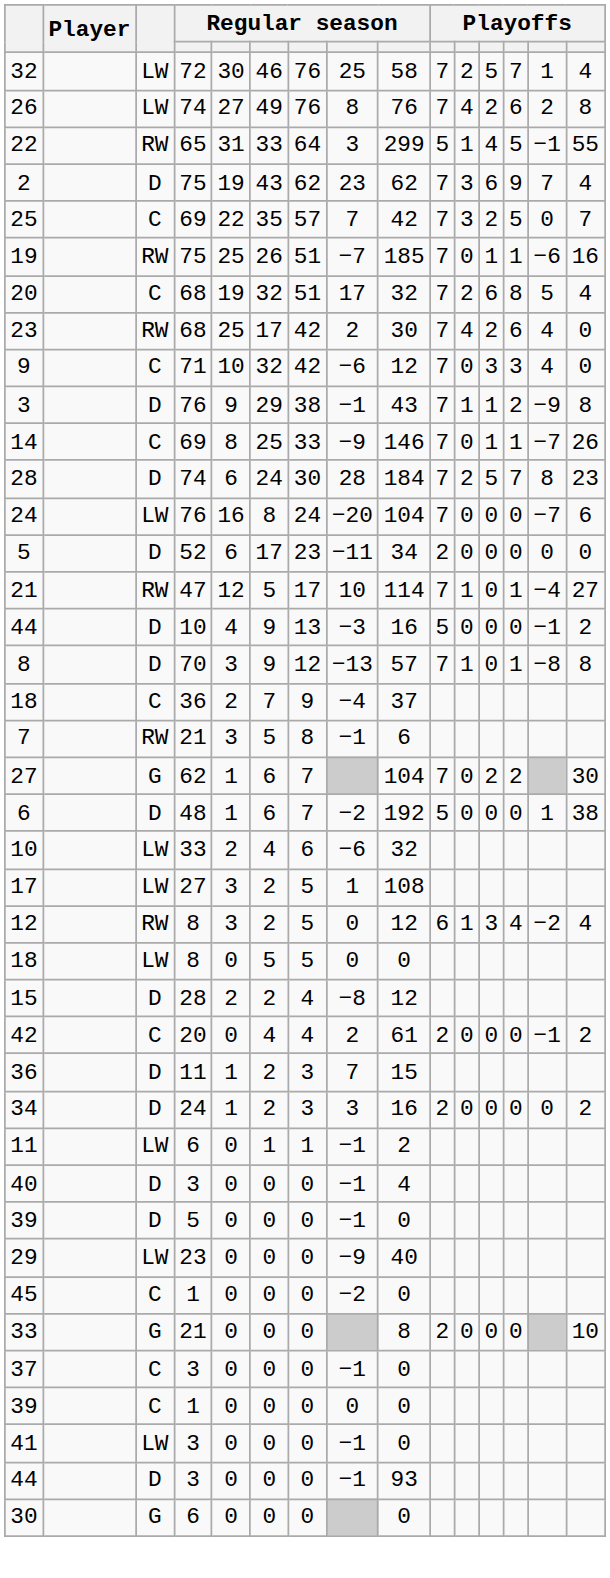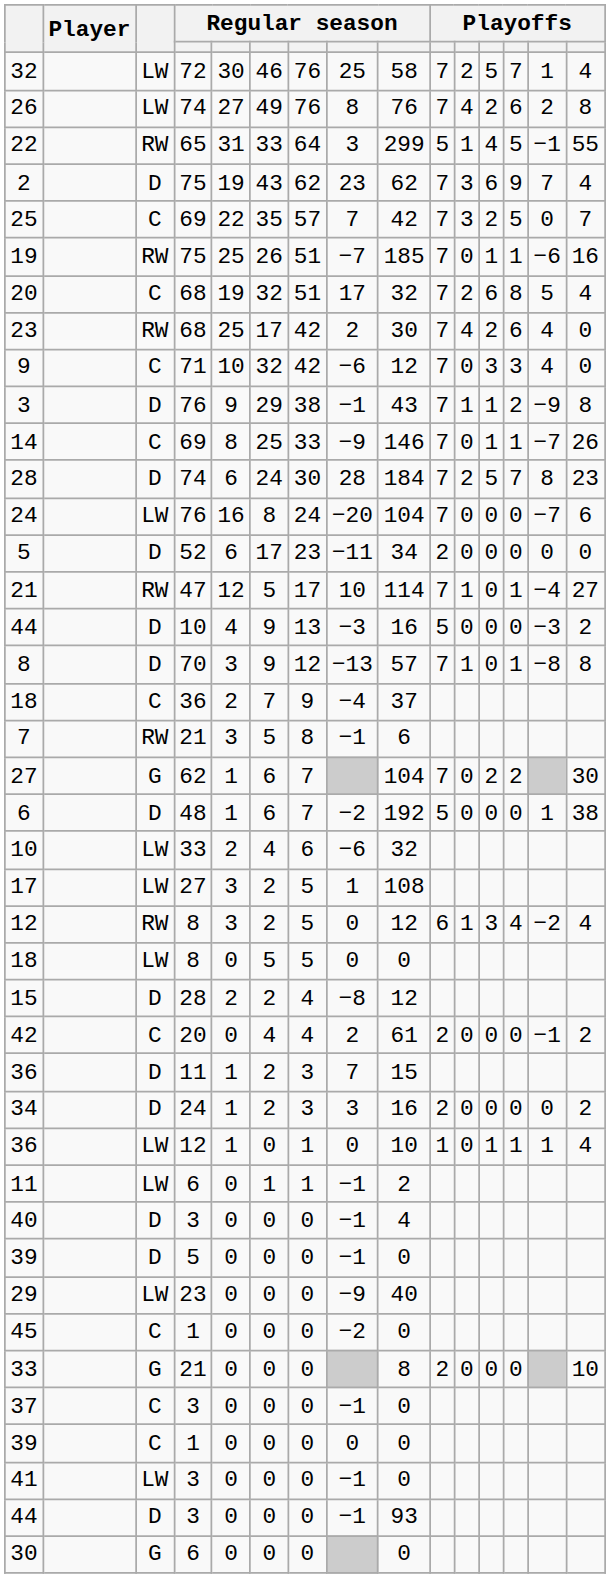 <table class="wikitable sortable plainrowheaders" style="text-align:center;">
 <tr>
 <th scope="col" data-sort-type="number" rowspan="2"></th>
 <th scope="col" rowspan="2">Player</th>
 <th scope="col" rowspan="2"></th>
 <th scope=colgroup colspan=6>Regular season</th>
 <th scope=colgroup colspan=6>Playoffs</th>
 </tr>
 <tr>
 <th scope="col" data-sort-type="number"></th>
 <th scope="col" data-sort-type="number"></th>
 <th scope="col" data-sort-type="number"></th>
 <th scope="col" data-sort-type="number"></th>
 <th scope="col" data-sort-type="number"></th>
 <th scope="col" data-sort-type="number"></th>
 <th scope="col" data-sort-type="number"></th>
 <th scope="col" data-sort-type="number"></th>
 <th scope="col" data-sort-type="number"></th>
 <th scope="col" data-sort-type="number"></th>
 <th scope="col" data-sort-type="number"></th>
 <th scope="col" data-sort-type="number"></th>
 </tr>
 <tr>
 <td scope="row">32</td>
 <td align="left"></td>
 <td>LW</td>
 <td>72</td>
 <td>30</td>
 <td>46</td>
 <td>76</td>
 <td>25</td>
 <td>58</td>
 <td>7</td>
 <td>2</td>
 <td>5</td>
 <td>7</td>
 <td>1</td>
 <td>4</td>
 </tr>
 <tr>
 <td scope="row">26</td>
 <td align="left"></td>
 <td>LW</td>
 <td>74</td>
 <td>27</td>
 <td>49</td>
 <td>76</td>
 <td>8</td>
 <td>76</td>
 <td>7</td>
 <td>4</td>
 <td>2</td>
 <td>6</td>
 <td>2</td>
 <td>8</td>
 </tr>
 <tr>
 <td scope="row">22</td>
 <td align="left"></td>
 <td>RW</td>
 <td>65</td>
 <td>31</td>
 <td>33</td>
 <td>64</td>
 <td>3</td>
 <td>299</td>
 <td>5</td>
 <td>1</td>
 <td>4</td>
 <td>5</td>
 <td>−1</td>
 <td>55</td>
 </tr>
 <tr>
 <td scope="row">2</td>
 <td align="left"></td>
 <td>D</td>
 <td>75</td>
 <td>19</td>
 <td>43</td>
 <td>62</td>
 <td>23</td>
 <td>62</td>
 <td>7</td>
 <td>3</td>
 <td>6</td>
 <td>9</td>
 <td>7</td>
 <td>4</td>
 </tr>
 <tr>
 <td scope="row">25</td>
 <td align="left"></td>
 <td>C</td>
 <td>69</td>
 <td>22</td>
 <td>35</td>
 <td>57</td>
 <td>7</td>
 <td>42</td>
 <td>7</td>
 <td>3</td>
 <td>2</td>
 <td>5</td>
 <td>0</td>
 <td>7</td>
 </tr>
 <tr>
 <td scope="row">19</td>
 <td align="left"></td>
 <td>RW</td>
 <td>75</td>
 <td>25</td>
 <td>26</td>
 <td>51</td>
 <td>−7</td>
 <td>185</td>
 <td>7</td>
 <td>0</td>
 <td>1</td>
 <td>1</td>
 <td>−6</td>
 <td>16</td>
 </tr>
 <tr>
 <td scope="row">20</td>
 <td align="left"></td>
 <td>C</td>
 <td>68</td>
 <td>19</td>
 <td>32</td>
 <td>51</td>
 <td>17</td>
 <td>32</td>
 <td>7</td>
 <td>2</td>
 <td>6</td>
 <td>8</td>
 <td>5</td>
 <td>4</td>
 </tr>
 <tr>
 <td scope="row">23</td>
 <td align="left"></td>
 <td>RW</td>
 <td>68</td>
 <td>25</td>
 <td>17</td>
 <td>42</td>
 <td>2</td>
 <td>30</td>
 <td>7</td>
 <td>4</td>
 <td>2</td>
 <td>6</td>
 <td>4</td>
 <td>0</td>
 </tr>
 <tr>
 <td scope="row">9</td>
 <td align="left"></td>
 <td>C</td>
 <td>71</td>
 <td>10</td>
 <td>32</td>
 <td>42</td>
 <td>−6</td>
 <td>12</td>
 <td>7</td>
 <td>0</td>
 <td>3</td>
 <td>3</td>
 <td>4</td>
 <td>0</td>
 </tr>
 <tr>
 <td scope="row">3</td>
 <td align="left"></td>
 <td>D</td>
 <td>76</td>
 <td>9</td>
 <td>29</td>
 <td>38</td>
 <td>−1</td>
 <td>43</td>
 <td>7</td>
 <td>1</td>
 <td>1</td>
 <td>2</td>
 <td>−9</td>
 <td>8</td>
 </tr>
 <tr>
 <td scope="row">14</td>
 <td align="left"></td>
 <td>C</td>
 <td>69</td>
 <td>8</td>
 <td>25</td>
 <td>33</td>
 <td>−9</td>
 <td>146</td>
 <td>7</td>
 <td>0</td>
 <td>1</td>
 <td>1</td>
 <td>−7</td>
 <td>26</td>
 </tr>
 <tr>
 <td scope="row">28</td>
 <td align="left"></td>
 <td>D</td>
 <td>74</td>
 <td>6</td>
 <td>24</td>
 <td>30</td>
 <td>28</td>
 <td>184</td>
 <td>7</td>
 <td>2</td>
 <td>5</td>
 <td>7</td>
 <td>8</td>
 <td>23</td>
 </tr>
 <tr>
 <td scope="row">24</td>
 <td align="left"></td>
 <td>LW</td>
 <td>76</td>
 <td>16</td>
 <td>8</td>
 <td>24</td>
 <td>−20</td>
 <td>104</td>
 <td>7</td>
 <td>0</td>
 <td>0</td>
 <td>0</td>
 <td>−7</td>
 <td>6</td>
 </tr>
 <tr>
 <td scope="row">5</td>
 <td align="left"></td>
 <td>D</td>
 <td>52</td>
 <td>6</td>
 <td>17</td>
 <td>23</td>
 <td>−11</td>
 <td>34</td>
 <td>2</td>
 <td>0</td>
 <td>0</td>
 <td>0</td>
 <td>0</td>
 <td>0</td>
 </tr>
 <tr>
 <td scope="row">21</td>
 <td align="left"></td>
 <td>RW</td>
 <td>47</td>
 <td>12</td>
 <td>5</td>
 <td>17</td>
 <td>10</td>
 <td>114</td>
 <td>7</td>
 <td>1</td>
 <td>0</td>
 <td>1</td>
 <td>−4</td>
 <td>27</td>
 </tr>
 <tr>
 <td scope="row">44</td>
 <td align="left"></td>
 <td>D</td>
 <td>10</td>
 <td>4</td>
 <td>9</td>
 <td>13</td>
 <td>−3</td>
 <td>16</td>
 <td>5</td>
 <td>0</td>
 <td>0</td>
 <td>0</td>
-<td>−1</td>
+<td>−3</td>
 <td>2</td>
 </tr>
 <tr>
 <td scope="row">8</td>
 <td align="left"></td>
 <td>D</td>
 <td>70</td>
 <td>3</td>
 <td>9</td>
 <td>12</td>
 <td>−13</td>
 <td>57</td>
 <td>7</td>
 <td>1</td>
 <td>0</td>
 <td>1</td>
 <td>−8</td>
 <td>8</td>
 </tr>
 <tr>
 <td scope="row">18</td>
 <td align="left"></td>
 <td>C</td>
 <td>36</td>
 <td>2</td>
 <td>7</td>
 <td>9</td>
 <td>−4</td>
 <td>37</td>
 <td></td>
 <td></td>
 <td></td>
 <td></td>
 <td></td>
 <td></td>
 </tr>
 <tr>
 <td scope="row">7</td>
 <td align="left"></td>
 <td>RW</td>
 <td>21</td>
 <td>3</td>
 <td>5</td>
 <td>8</td>
 <td>−1</td>
 <td>6</td>
 <td></td>
 <td></td>
 <td></td>
 <td></td>
 <td></td>
 <td></td>
 </tr>
 <tr>
 <td scope="row">27</td>
 <td align="left"></td>
 <td>G</td>
 <td>62</td>
 <td>1</td>
 <td>6</td>
 <td>7</td>
 <td style="background:#ccc"></td>
 <td>104</td>
 <td>7</td>
 <td>0</td>
 <td>2</td>
 <td>2</td>
 <td style="background:#ccc"></td>
 <td>30</td>
 </tr>
 <tr>
 <td scope="row">6</td>
 <td align="left"></td>
 <td>D</td>
 <td>48</td>
 <td>1</td>
 <td>6</td>
 <td>7</td>
 <td>−2</td>
 <td>192</td>
 <td>5</td>
 <td>0</td>
 <td>0</td>
 <td>0</td>
 <td>1</td>
 <td>38</td>
 </tr>
 <tr>
 <td scope="row">10</td>
 <td align="left"></td>
 <td>LW</td>
 <td>33</td>
 <td>2</td>
 <td>4</td>
 <td>6</td>
 <td>−6</td>
 <td>32</td>
 <td></td>
 <td></td>
 <td></td>
 <td></td>
 <td></td>
 <td></td>
 </tr>
 <tr>
 <td scope="row">17</td>
 <td align="left"></td>
 <td>LW</td>
 <td>27</td>
 <td>3</td>
 <td>2</td>
 <td>5</td>
 <td>1</td>
 <td>108</td>
 <td></td>
 <td></td>
 <td></td>
 <td></td>
 <td></td>
 <td></td>
 </tr>
 <tr>
 <td scope="row">12</td>
 <td align="left"></td>
 <td>RW</td>
 <td>8</td>
 <td>3</td>
 <td>2</td>
 <td>5</td>
 <td>0</td>
 <td>12</td>
 <td>6</td>
 <td>1</td>
 <td>3</td>
 <td>4</td>
 <td>−2</td>
 <td>4</td>
 </tr>
 <tr>
 <td scope="row">18</td>
 <td align="left"></td>
 <td>LW</td>
 <td>8</td>
 <td>0</td>
 <td>5</td>
 <td>5</td>
 <td>0</td>
 <td>0</td>
 <td></td>
 <td></td>
 <td></td>
 <td></td>
 <td></td>
 <td></td>
 </tr>
 <tr>
 <td scope="row">15</td>
 <td align="left"></td>
 <td>D</td>
 <td>28</td>
 <td>2</td>
 <td>2</td>
 <td>4</td>
 <td>−8</td>
 <td>12</td>
 <td></td>
 <td></td>
 <td></td>
 <td></td>
 <td></td>
 <td></td>
 </tr>
 <tr>
 <td scope="row">42</td>
 <td align="left"></td>
 <td>C</td>
 <td>20</td>
 <td>0</td>
 <td>4</td>
 <td>4</td>
 <td>2</td>
 <td>61</td>
 <td>2</td>
 <td>0</td>
 <td>0</td>
 <td>0</td>
 <td>−1</td>
 <td>2</td>
 </tr>
 <tr>
 <td scope="row">36</td>
 <td align="left"></td>
 <td>D</td>
 <td>11</td>
 <td>1</td>
 <td>2</td>
 <td>3</td>
 <td>7</td>
 <td>15</td>
 <td></td>
 <td></td>
 <td></td>
 <td></td>
 <td></td>
 <td></td>
 </tr>
 <tr>
 <td scope="row">34</td>
 <td align="left"></td>
 <td>D</td>
 <td>24</td>
 <td>1</td>
 <td>2</td>
 <td>3</td>
 <td>3</td>
 <td>16</td>
 <td>2</td>
 <td>0</td>
 <td>0</td>
 <td>0</td>
 <td>0</td>
 <td>2</td>
 </tr>
 <tr>
+<td scope="row">36</td>
+<td align="left"></td>
+<td>LW</td>
+<td>12</td>
+<td>1</td>
+<td>0</td>
+<td>1</td>
+<td>0</td>
+<td>10</td>
+<td>1</td>
+<td>0</td>
+<td>1</td>
+<td>1</td>
+<td>1</td>
+<td>4</td>
+</tr>
+<tr>
 <td scope="row">11</td>
 <td align="left"></td>
 <td>LW</td>
 <td>6</td>
 <td>0</td>
 <td>1</td>
 <td>1</td>
 <td>−1</td>
 <td>2</td>
 <td></td>
 <td></td>
 <td></td>
 <td></td>
 <td></td>
 <td></td>
 </tr>
 <tr>
 <td scope="row">40</td>
 <td align="left"></td>
 <td>D</td>
 <td>3</td>
 <td>0</td>
 <td>0</td>
 <td>0</td>
 <td>−1</td>
 <td>4</td>
 <td></td>
 <td></td>
 <td></td>
 <td></td>
 <td></td>
 <td></td>
 </tr>
 <tr>
 <td scope="row">39</td>
 <td align="left"></td>
 <td>D</td>
 <td>5</td>
 <td>0</td>
 <td>0</td>
 <td>0</td>
 <td>−1</td>
 <td>0</td>
 <td></td>
 <td></td>
 <td></td>
 <td></td>
 <td></td>
 <td></td>
 </tr>
 <tr>
 <td scope="row">29</td>
 <td align="left"></td>
 <td>LW</td>
 <td>23</td>
 <td>0</td>
 <td>0</td>
 <td>0</td>
 <td>−9</td>
 <td>40</td>
 <td></td>
 <td></td>
 <td></td>
 <td></td>
 <td></td>
 <td></td>
 </tr>
 <tr>
 <td scope="row">45</td>
 <td align="left"></td>
 <td>C</td>
 <td>1</td>
 <td>0</td>
 <td>0</td>
 <td>0</td>
 <td>−2</td>
 <td>0</td>
 <td></td>
 <td></td>
 <td></td>
 <td></td>
 <td></td>
 <td></td>
 </tr>
 <tr>
 <td scope="row">33</td>
 <td align="left"></td>
 <td>G</td>
 <td>21</td>
 <td>0</td>
 <td>0</td>
 <td>0</td>
 <td style="background:#ccc"></td>
 <td>8</td>
 <td>2</td>
 <td>0</td>
 <td>0</td>
 <td>0</td>
 <td style="background:#ccc"></td>
 <td>10</td>
 </tr>
 <tr>
 <td scope="row">37</td>
 <td align="left"></td>
 <td>C</td>
 <td>3</td>
 <td>0</td>
 <td>0</td>
 <td>0</td>
 <td>−1</td>
 <td>0</td>
 <td></td>
 <td></td>
 <td></td>
 <td></td>
 <td></td>
 <td></td>
 </tr>
 <tr>
 <td scope="row">39</td>
 <td align="left"></td>
 <td>C</td>
 <td>1</td>
 <td>0</td>
 <td>0</td>
 <td>0</td>
 <td>0</td>
 <td>0</td>
 <td></td>
 <td></td>
 <td></td>
 <td></td>
 <td></td>
 <td></td>
 </tr>
 <tr>
 <td scope="row">41</td>
 <td align="left"></td>
 <td>LW</td>
 <td>3</td>
 <td>0</td>
 <td>0</td>
 <td>0</td>
 <td>−1</td>
 <td>0</td>
 <td></td>
 <td></td>
 <td></td>
 <td></td>
 <td></td>
 <td></td>
 </tr>
 <tr>
 <td scope="row">44</td>
 <td align="left"></td>
 <td>D</td>
 <td>3</td>
 <td>0</td>
 <td>0</td>
 <td>0</td>
 <td>−1</td>
 <td>93</td>
 <td></td>
 <td></td>
 <td></td>
 <td></td>
 <td></td>
 <td></td>
 </tr>
 <tr>
 <td scope="row">30</td>
 <td align="left"></td>
 <td>G</td>
 <td>6</td>
 <td>0</td>
 <td>0</td>
 <td>0</td>
 <td style="background:#ccc"></td>
 <td>0</td>
 <td></td>
 <td></td>
 <td></td>
 <td></td>
 <td></td>
 <td></td>
 </tr>
 </table>
